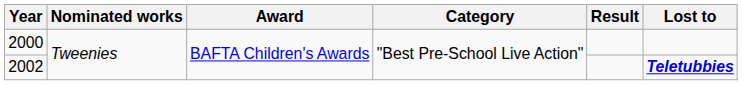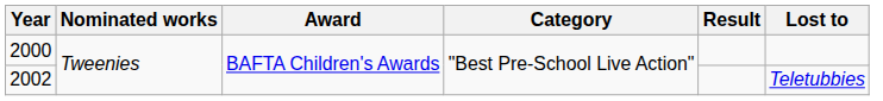 <table class="wikitable">
 <tr style="background:#ccc; text-align:center;">
 <th>Year</th>
 <th>Nominated works</th>
 <th>Award</th>
 <th>Category</th>
 <th>Result</th>
 <th>Lost to</th>
 </tr>
 <tr>
 <td>2000</td>
 <td rowspan="2"><em>Tweenies</em></td>
 <td rowspan="2"><a href='#'>BAFTA Children's Awards</a></td>
 <td rowspan="2">"Best Pre-School Live Action"</td>
 <td></td>
 <td></td>
 </tr>
 <tr>
 <td>2002</td>
 <td></td>
-<td><strong><em><a href='#'>Teletubbies</a></em></strong></td>
+<td><em><a href='#'>Teletubbies</a></em></td>
 </tr>
 </table>
